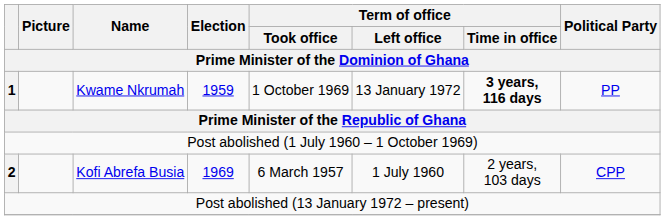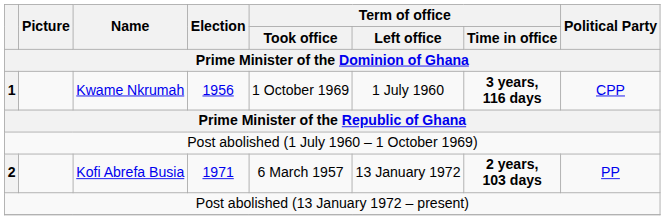 <table class="wikitable" style="text-align:center">
 <tr>
 <th rowspan="2"></th>
 <th rowspan="2">Picture</th>
 <th rowspan="2">Name<br></th>
 <th rowspan="2"><strong>Election</strong></th>
 <th colspan="3">Term of office</th>
 <th rowspan="2">Political Party</th>
 </tr>
 <tr>
 <th>Took office</th>
 <th>Left office</th>
 <th><strong>Time in office</strong></th>
 </tr>
 <tr>
 <th colspan="8">Prime Minister of the <a href='#'>Dominion of Ghana</a></th>
 </tr>
 <tr>
 <th style="background:">1</th>
 <td></td>
 <td><a href='#'>Kwame Nkrumah</a><br></td>
-<td><a href='#'>1959</a></td>
+<td><a href='#'>1956</a></td>
 <td>1 October 1969</td>
-<td>13 January 1972</td>
+<td>1 July 1960</td>
 <td><strong>3 years,<br>116 days</strong></td>
-<td><a href='#'>PP</a></td>
+<td><a href='#'>CPP</a></td>
 </tr>
 <tr>
 <th colspan="8">Prime Minister of the <a href='#'>Republic of Ghana</a></th>
 </tr>
 <tr>
 <td colspan="8">Post abolished (1 July 1960 – 1 October 1969)</td>
 </tr>
 <tr>
 <th style="background:">2</th>
 <td></td>
 <td><a href='#'>Kofi Abrefa Busia</a><br></td>
-<td><a href='#'>1969</a></td>
+<td><a href='#'>1971</a></td>
 <td>6 March 1957</td>
-<td>1 July 1960</td>
-<td>2 years,<br>103 days</td>
-<td><a href='#'>CPP</a></td>
+<td>13 January 1972</td>
+<td><strong>2 years,<br>103 days</strong></td>
+<td><a href='#'>PP</a></td>
 </tr>
 <tr>
 <td colspan="8">Post abolished (13 January 1972 – present)</td>
 </tr>
 <tr>
 </tr>
 </table>
